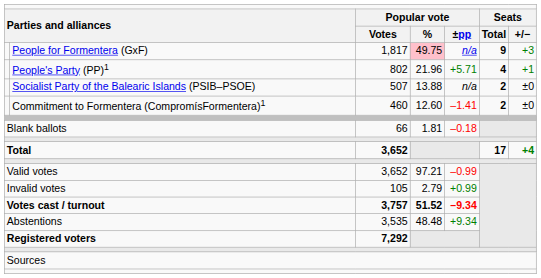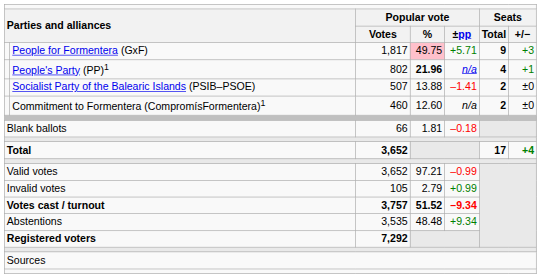 <table class="wikitable" style="text-align:right;">
 <tr>
 <td colspan="7"></td>
 </tr>
 <tr>
 <th style="text-align:left;" rowspan="2" colspan="2" width="525">Parties and alliances</th>
 <th colspan="3">Popular vote</th>
 <th colspan="2">Seats</th>
 </tr>
 <tr>
 <th width="75">Votes</th>
 <th width="45">%</th>
 <th width="45">±<a href='#'>pp</a></th>
 <th width="35">Total</th>
 <th width="35">+/−</th>
 </tr>
 <tr>
 <td width="1" style="color:inherit;background:"></td>
 <td align="left"><a href='#'>People for Formentera</a> (GxF)</td>
 <td>1,817</td>
 <td style="background: pink;">49.75</td>
-<td><em><a href='#'>n/a</a></em></td>
+<td style="color:green;">+5.71</td>
 <td><strong>9</strong></td>
 <td style="color:green;">+3</td>
 </tr>
 <tr>
 <td style="color:inherit;background:"></td>
 <td align="left"><a href='#'>People's Party</a> (PP)<sup>1</sup></td>
 <td>802</td>
-<td>21.96</td>
-<td style="color:green;">+5.71</td>
+<td><strong>21.96</strong></td>
+<td><em><a href='#'>n/a</a></em></td>
 <td><strong>4</strong></td>
 <td style="color:green;">+1</td>
 </tr>
 <tr>
 <td style="color:inherit;background:"></td>
 <td align="left"><a href='#'>Socialist Party of the Balearic Islands</a> (PSIB–PSOE)</td>
 <td>507</td>
 <td>13.88</td>
-<td><em>n/a</em></td>
+<td style="color:red;">–1.41</td>
 <td><strong>2</strong></td>
 <td>±0</td>
 </tr>
 <tr>
 <td style="color:inherit;background:"></td>
 <td align="left">Commitment to Formentera (CompromísFormentera)<sup>1</sup></td>
 <td>460</td>
 <td>12.60</td>
-<td style="color:red;">–1.41</td>
+<td><em>n/a</em></td>
 <td><strong>2</strong></td>
 <td>±0</td>
 </tr>
 <tr>
 <td colspan="7" bgcolor="#C0C0C0"></td>
 </tr>
 <tr>
 <td align="left" colspan="2">Blank ballots</td>
 <td>66</td>
 <td>1.81</td>
 <td style="color:red;">–0.18</td>
 <td bgcolor="#E9E9E9" colspan="2"></td>
 </tr>
 <tr>
 <td colspan="7" bgcolor="#E9E9E9"></td>
 </tr>
 <tr style="font-weight:bold;">
 <td align="left" colspan="2">Total</td>
 <td>3,652</td>
 <td bgcolor="#E9E9E9" colspan="2"></td>
 <td>17</td>
 <td style="color:green;">+4</td>
 </tr>
 <tr>
 <td colspan="7" bgcolor="#E9E9E9"></td>
 </tr>
 <tr>
 <td align="left" colspan="2">Valid votes</td>
 <td>3,652</td>
 <td>97.21</td>
 <td style="color:red;">–0.99</td>
 <td bgcolor="#E9E9E9" colspan="2" rowspan="5"></td>
 </tr>
 <tr>
 <td align="left" colspan="2">Invalid votes</td>
 <td>105</td>
 <td>2.79</td>
 <td style="color:green;">+0.99</td>
 </tr>
 <tr style="font-weight:bold;">
 <td align="left" colspan="2">Votes cast / turnout</td>
 <td>3,757</td>
 <td>51.52</td>
 <td style="color:red;">–9.34</td>
 </tr>
 <tr>
 <td align="left" colspan="2">Abstentions</td>
 <td>3,535</td>
 <td>48.48</td>
 <td style="color:green;">+9.34</td>
 </tr>
 <tr style="font-weight:bold;">
 <td align="left" colspan="2">Registered voters</td>
 <td>7,292</td>
 <td bgcolor="#E9E9E9" colspan="2"></td>
 </tr>
 <tr>
 <td colspan="7" bgcolor="#E9E9E9"></td>
 </tr>
 <tr>
 <td align="left" colspan="7">Sources</td>
 </tr>
 <tr>
 <td colspan="7" style="text-align:left; max-width:790px;"></td>
 </tr>
 </table>
